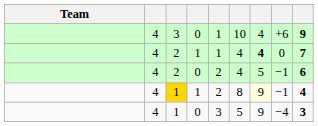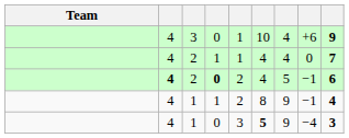 <table class="wikitable" style="text-align:center;">
 <tr>
 <th width=175>Team</th>
 <th width=20></th>
 <th width=20></th>
 <th width=20></th>
 <th width=20></th>
 <th width=20></th>
 <th width=20></th>
 <th width=20></th>
 <th width=20></th>
 </tr>
 <tr style="background:#ccffcc;">
 <td align=left></td>
 <td>4</td>
 <td>3</td>
 <td>0</td>
 <td>1</td>
 <td>10</td>
 <td>4</td>
 <td>+6</td>
 <td><strong>9</strong></td>
 </tr>
 <tr style="background:#ccffcc;">
 <td align=left></td>
 <td>4</td>
 <td>2</td>
 <td>1</td>
 <td>1</td>
 <td>4</td>
-<td><strong>4</strong></td>
+<td>4</td>
 <td>0</td>
 <td><strong>7</strong></td>
 </tr>
 <tr style="background:#ccffcc;">
 <td align=left></td>
-<td>4</td>
+<td><strong>4</strong></td>
 <td>2</td>
-<td>0</td>
+<td><strong>0</strong></td>
 <td>2</td>
 <td>4</td>
 <td>5</td>
 <td>−1</td>
 <td><strong>6</strong></td>
 </tr>
 <tr>
 <td align=left></td>
 <td>4</td>
-<td style="background: gold;">1</td>
+<td>1</td>
 <td>1</td>
 <td>2</td>
 <td>8</td>
-<td style="background: lightyellow;">9</td>
+<td>9</td>
 <td>−1</td>
 <td><strong>4</strong></td>
 </tr>
 <tr>
 <td align=left></td>
 <td>4</td>
 <td>1</td>
 <td>0</td>
 <td>3</td>
-<td>5</td>
+<td><strong>5</strong></td>
 <td>9</td>
 <td>−4</td>
 <td><strong>3</strong></td>
 </tr>
 </table>
